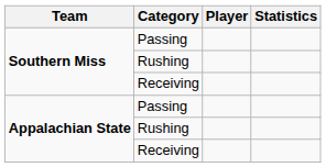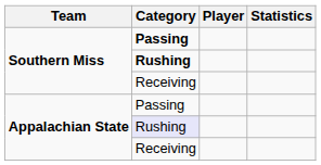 <table class="wikitable" style="float: right;">
 <tr>
 <th>Team</th>
 <th>Category</th>
 <th>Player</th>
 <th>Statistics</th>
 </tr>
 <tr>
 <td rowspan=3><strong>Southern Miss</strong></td>
-<td>Passing</td>
+<td><strong>Passing</strong></td>
 <td></td>
 <td></td>
 </tr>
 <tr>
-<td>Rushing</td>
+<td><strong>Rushing</strong></td>
 <td></td>
 <td></td>
 </tr>
 <tr>
 <td>Receiving</td>
 <td></td>
 <td></td>
 </tr>
 <tr>
 <td rowspan=3><strong>Appalachian State</strong></td>
 <td>Passing</td>
 <td></td>
 <td></td>
 </tr>
 <tr>
-<td>Rushing</td>
+<td style="background: lavender;">Rushing</td>
 <td></td>
 <td></td>
 </tr>
 <tr>
 <td>Receiving</td>
 <td></td>
 <td></td>
 </tr>
 </table>
